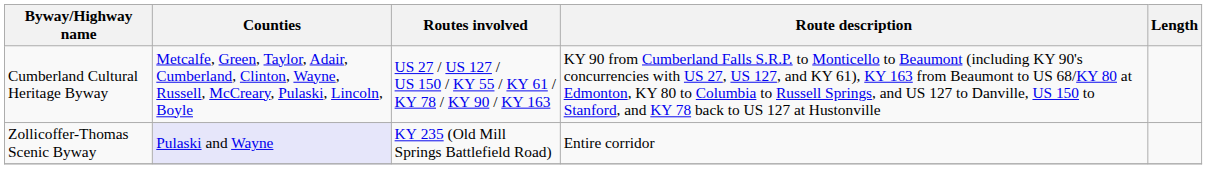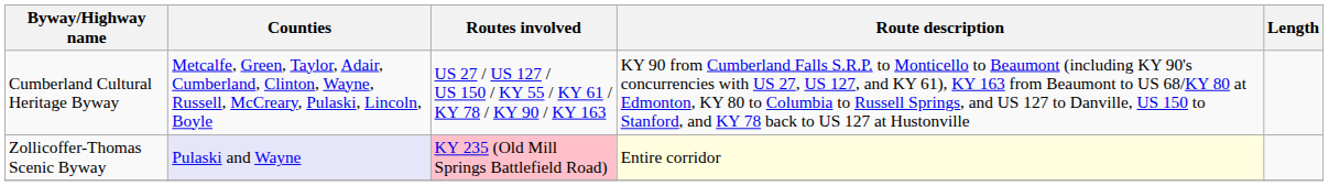 <table class="wikitable">
 <tr>
 <th>Byway/Highway name</th>
 <th>Counties</th>
 <th>Routes involved</th>
 <th>Route description</th>
 <th>Length</th>
 </tr>
 <tr>
 <td>Cumberland Cultural Heritage Byway</td>
 <td><a href='#'>Metcalfe</a>, <a href='#'>Green</a>, <a href='#'>Taylor</a>, <a href='#'>Adair</a>, <a href='#'>Cumberland</a>, <a href='#'>Clinton</a>, <a href='#'>Wayne</a>, <a href='#'>Russell</a>, <a href='#'>McCreary</a>, <a href='#'>Pulaski</a>, <a href='#'>Lincoln</a>, <a href='#'>Boyle</a></td>
 <td><a href='#'>US 27</a> / <a href='#'>US 127</a> / <a href='#'>US 150</a> / <a href='#'>KY 55</a> / <a href='#'>KY 61</a> / <a href='#'>KY 78</a> / <a href='#'>KY 90</a> / <a href='#'>KY 163</a></td>
 <td>KY 90 from <a href='#'>Cumberland Falls S.R.P.</a> to <a href='#'>Monticello</a> to <a href='#'>Beaumont</a> (including KY 90's concurrencies with <a href='#'>US 27</a>, <a href='#'>US 127</a>, and KY 61), <a href='#'>KY 163</a> from Beaumont to US 68/<a href='#'>KY 80</a> at <a href='#'>Edmonton</a>, KY 80 to <a href='#'>Columbia</a> to <a href='#'>Russell Springs</a>, and US 127 to Danville, <a href='#'>US 150</a> to <a href='#'>Stanford</a>, and <a href='#'>KY 78</a> back to US 127 at Hustonville</td>
 <td></td>
 </tr>
 <tr>
 <td>Zollicoffer-Thomas Scenic Byway</td>
 <td style="background: lavender;"><a href='#'>Pulaski</a> and <a href='#'>Wayne</a></td>
-<td><a href='#'>KY 235</a> (Old Mill Springs Battlefield Road)</td>
-<td>Entire corridor</td>
+<td style="background: pink;"><a href='#'>KY 235</a> (Old Mill Springs Battlefield Road)</td>
+<td style="background: lightyellow;">Entire corridor</td>
 <td></td>
 </tr>
 <tr>
 </tr>
 </table>
